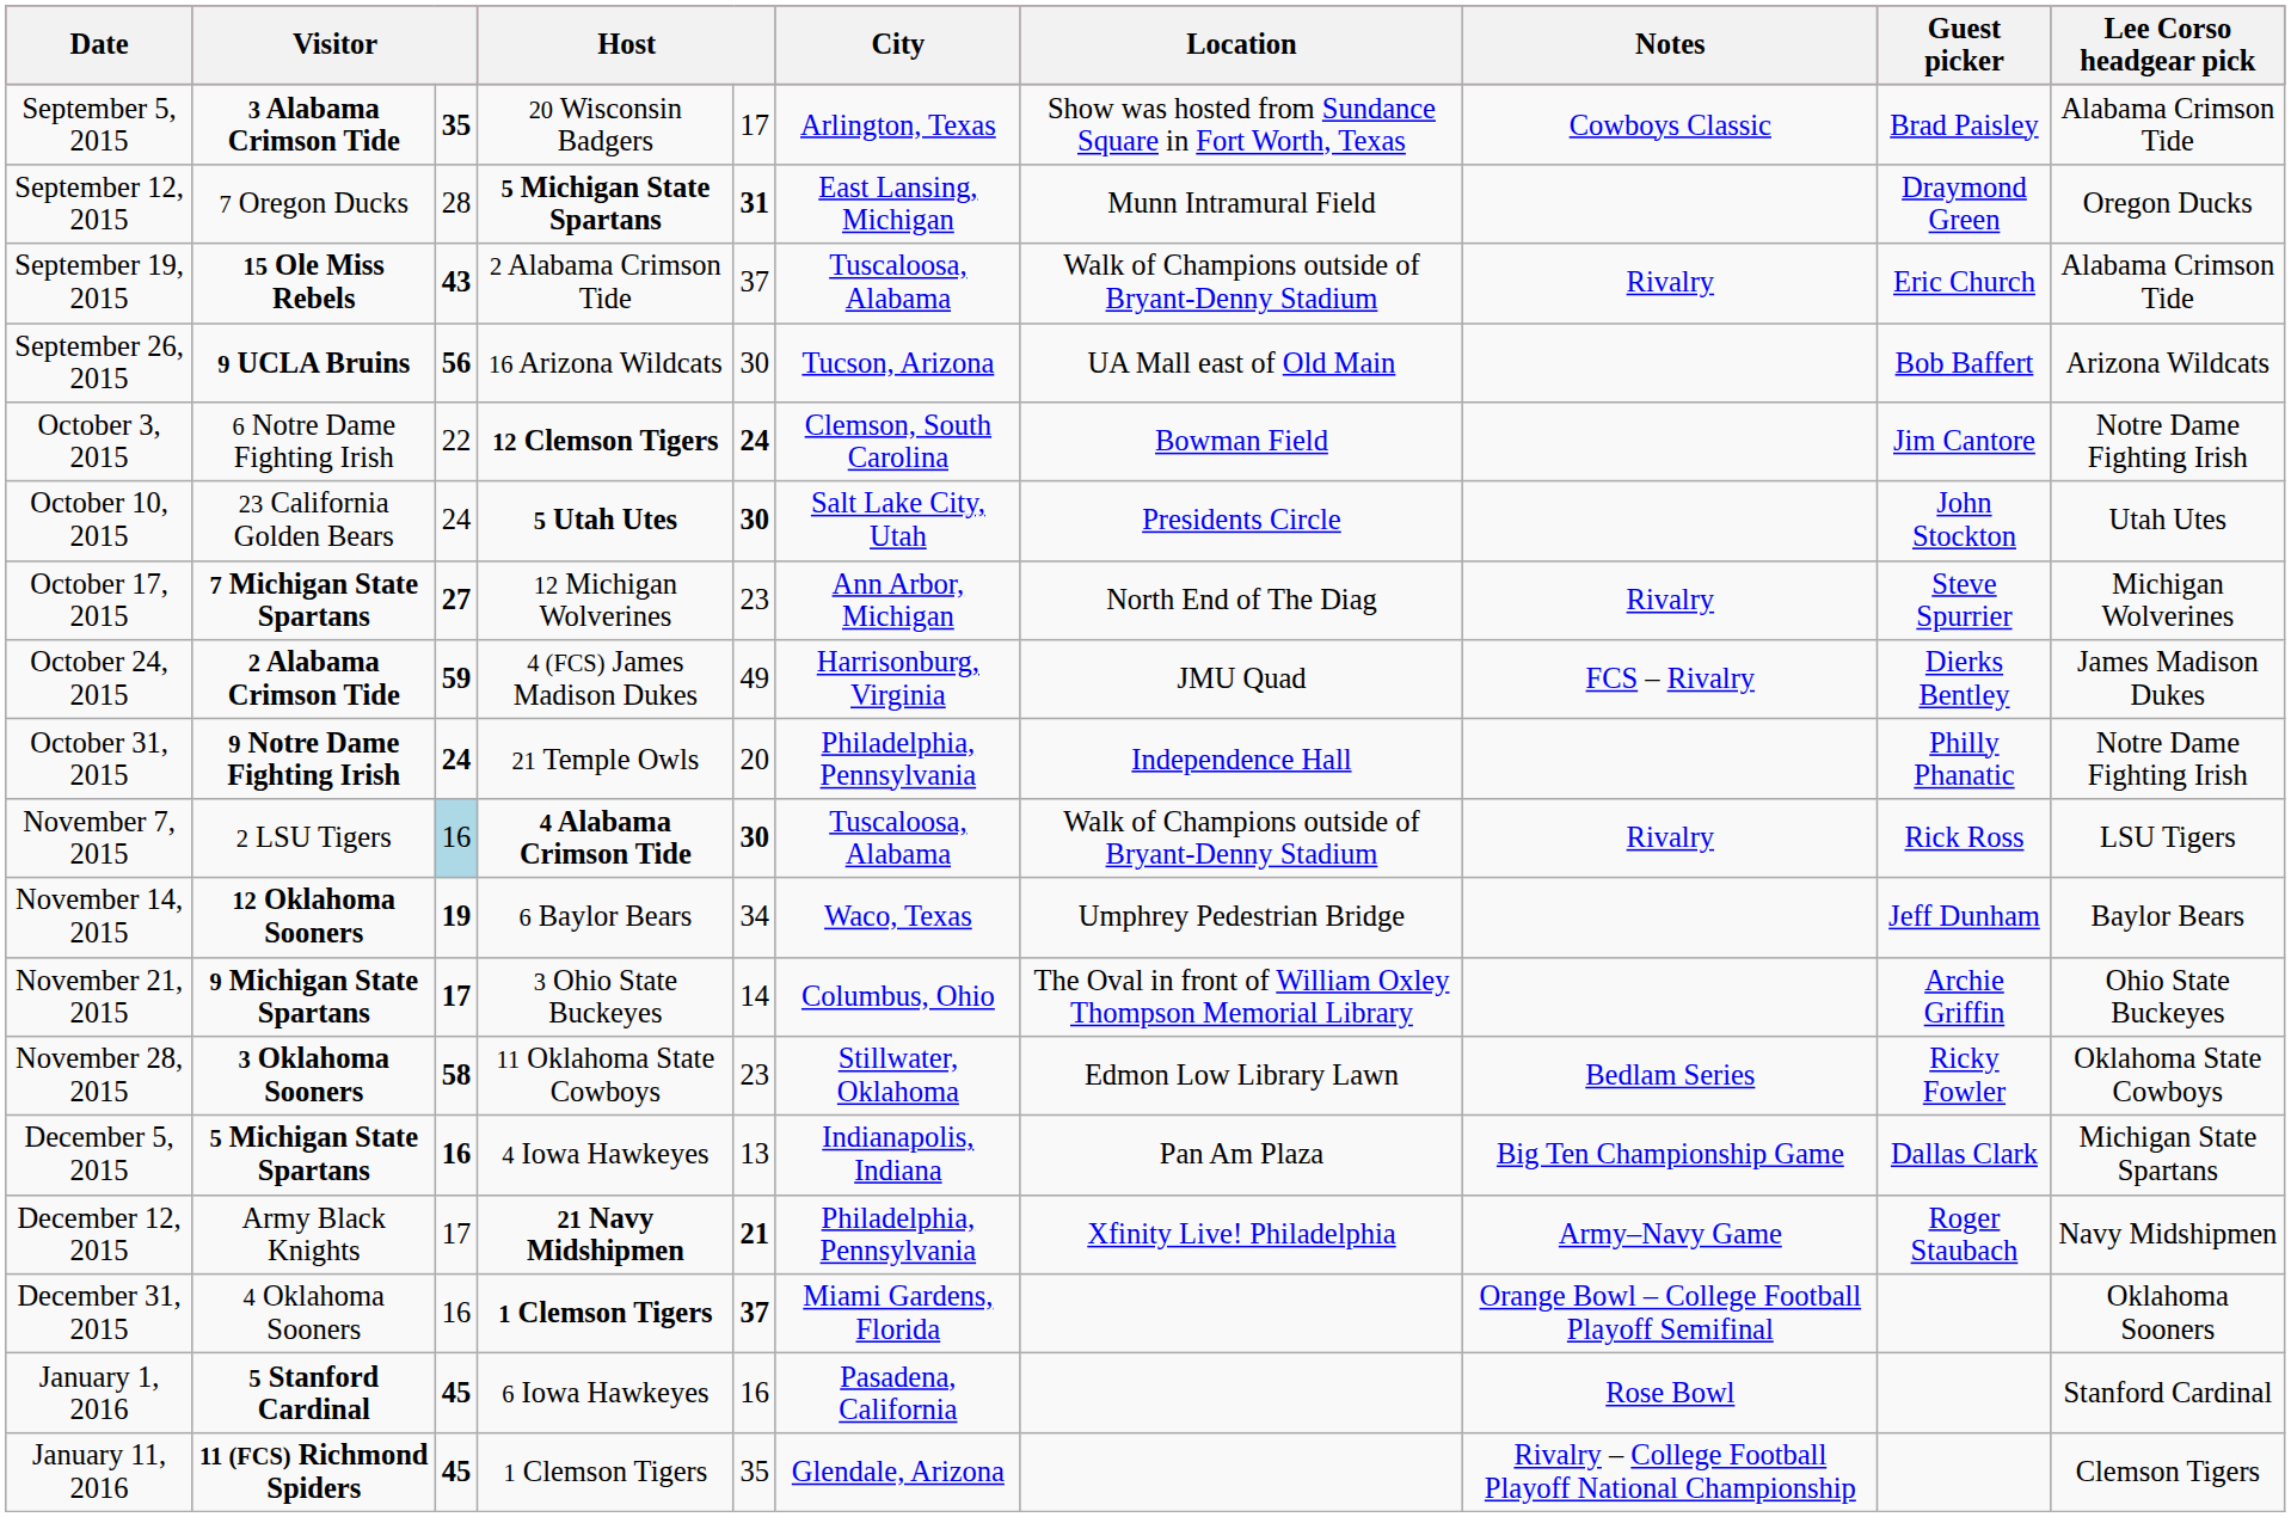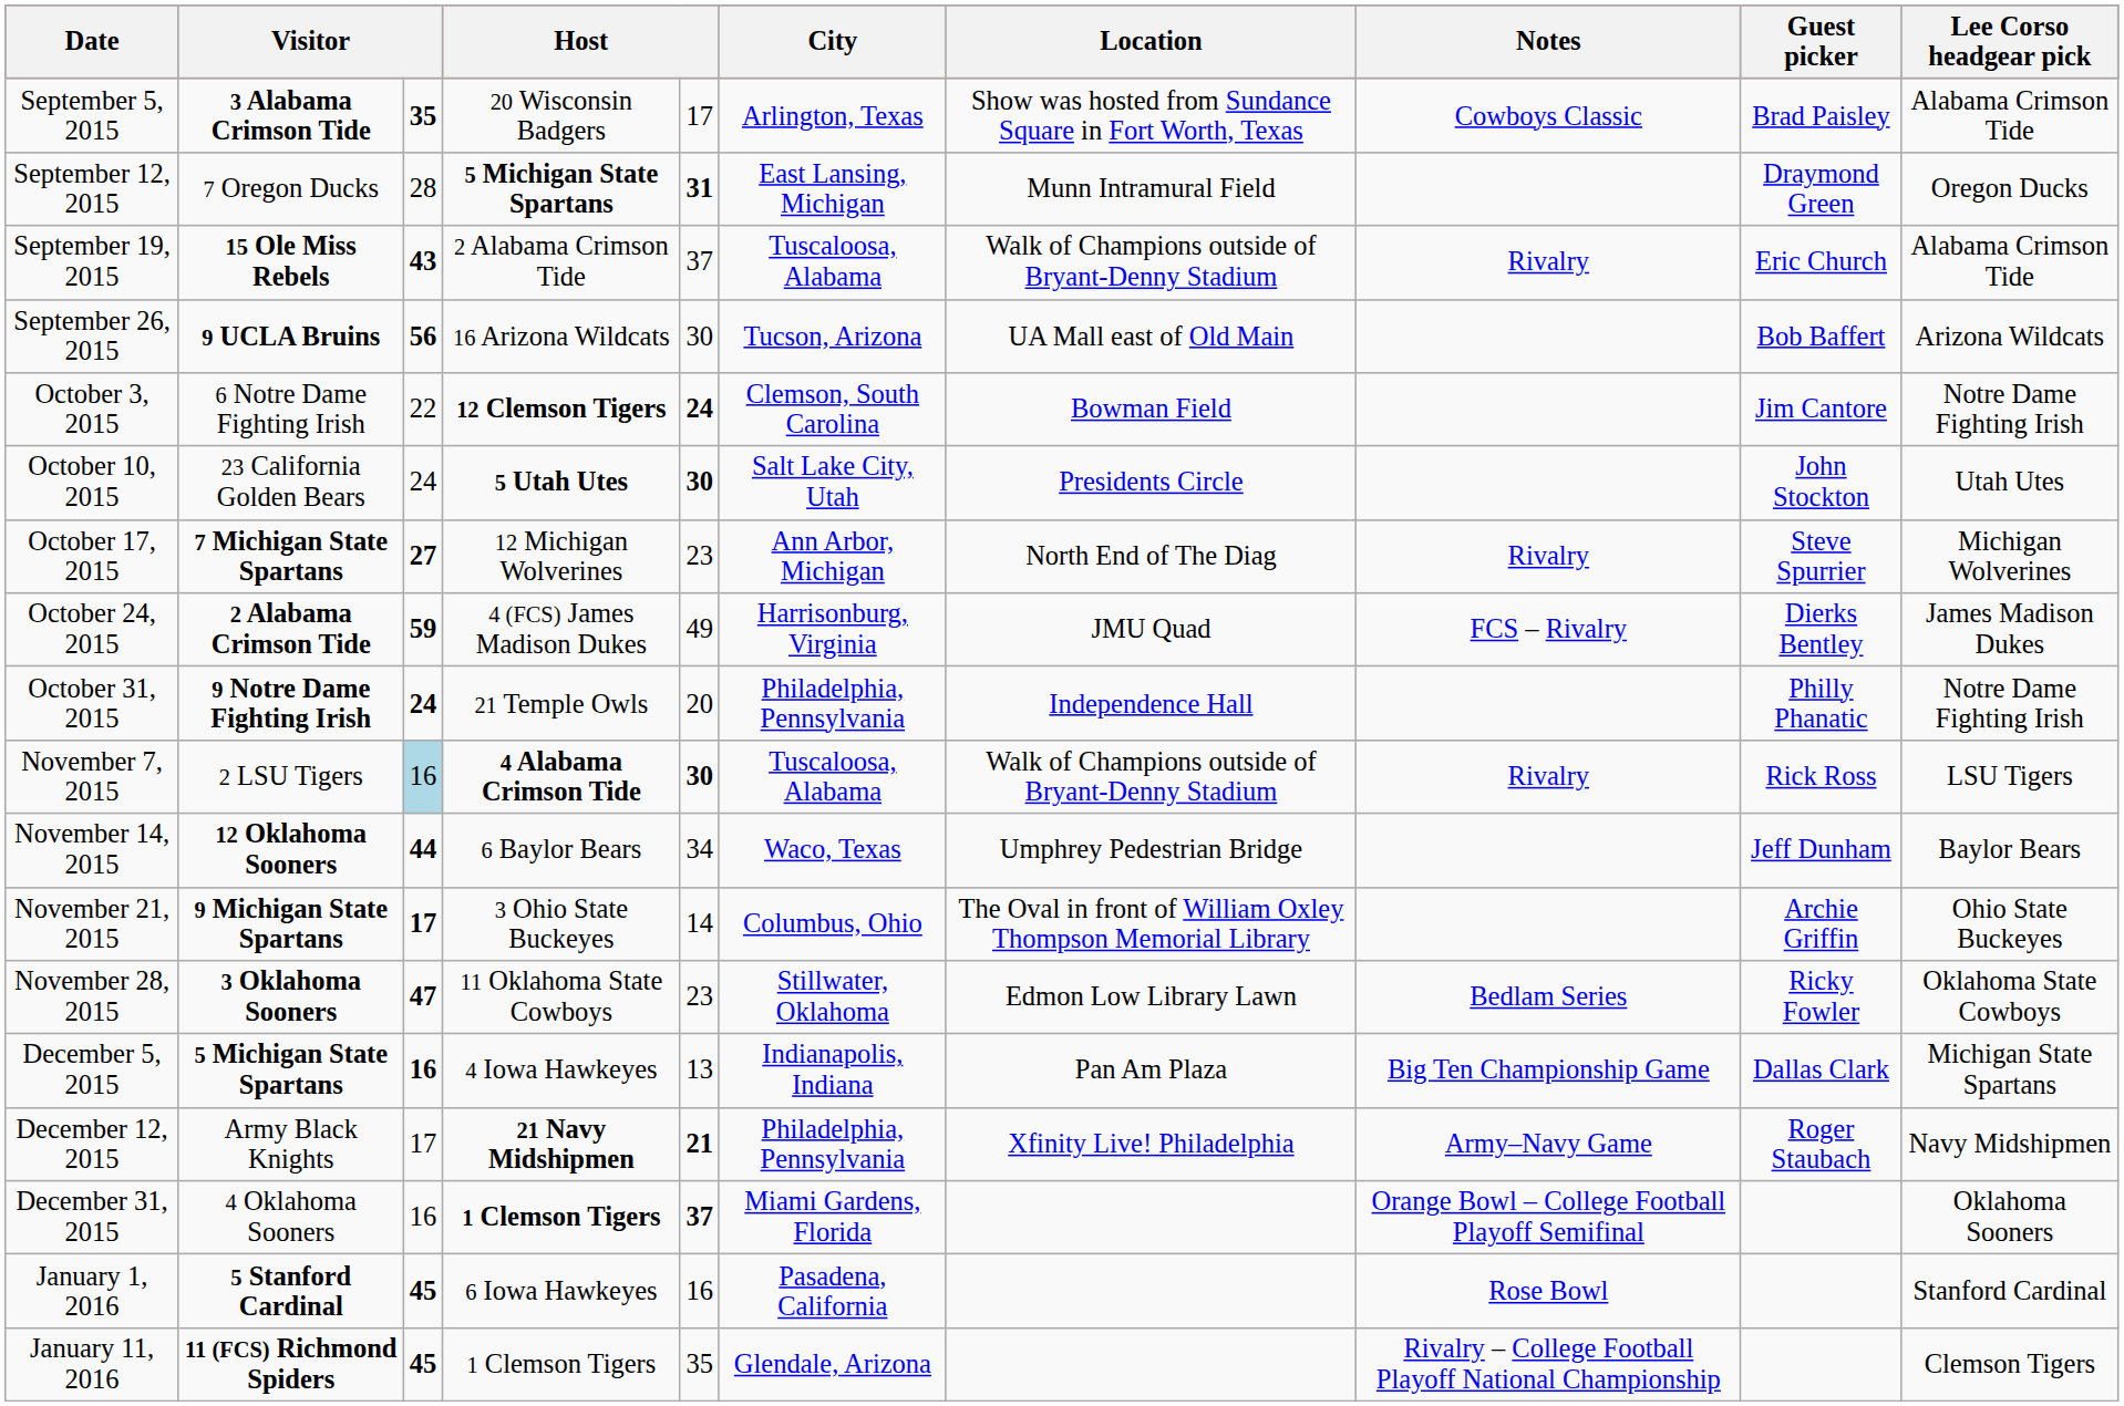 <table class="wikitable" style="text-align:center">
 <tr style="background:#A32638;"|>
 <th>Date</th>
 <th colspan=2>Visitor</th>
 <th colspan=2>Host</th>
 <th>City</th>
 <th>Location</th>
 <th>Notes</th>
 <th>Guest picker</th>
 <th>Lee Corso headgear pick</th>
 </tr>
 <tr>
 <td>September 5, 2015</td>
 <td><strong><small>3</small> Alabama Crimson Tide</strong></td>
 <td><strong>35</strong></td>
 <td><small>20</small> Wisconsin Badgers</td>
 <td>17</td>
 <td><a href='#'>Arlington, Texas</a></td>
 <td>Show was hosted from <a href='#'>Sundance Square</a> in <a href='#'>Fort Worth, Texas</a></td>
 <td><a href='#'>Cowboys Classic</a></td>
 <td><a href='#'>Brad Paisley</a></td>
 <td>Alabama Crimson Tide</td>
 </tr>
 <tr>
 <td>September 12, 2015</td>
 <td><small>7</small> Oregon Ducks</td>
 <td>28</td>
 <td><strong><small>5</small> Michigan State Spartans</strong></td>
 <td><strong>31</strong></td>
 <td><a href='#'>East Lansing, Michigan</a></td>
 <td>Munn Intramural Field</td>
 <td></td>
 <td><a href='#'>Draymond Green</a></td>
 <td>Oregon Ducks</td>
 </tr>
 <tr>
 <td>September 19, 2015</td>
 <td><strong><small>15</small> Ole Miss Rebels</strong></td>
 <td><strong>43</strong></td>
 <td><small>2</small> Alabama Crimson Tide</td>
 <td>37</td>
 <td><a href='#'>Tuscaloosa, Alabama</a></td>
 <td>Walk of Champions outside of <a href='#'>Bryant-Denny Stadium</a></td>
 <td><a href='#'>Rivalry</a></td>
 <td><a href='#'>Eric Church</a></td>
 <td>Alabama Crimson Tide</td>
 </tr>
 <tr>
 <td>September 26, 2015</td>
 <td><strong><small>9</small> UCLA Bruins</strong></td>
 <td><strong>56</strong></td>
 <td><small>16</small> Arizona Wildcats</td>
 <td>30</td>
 <td><a href='#'>Tucson, Arizona</a></td>
 <td>UA Mall east of <a href='#'>Old Main</a></td>
 <td></td>
 <td><a href='#'>Bob Baffert</a></td>
 <td>Arizona Wildcats</td>
 </tr>
 <tr>
 <td>October 3, 2015</td>
 <td><small>6</small> Notre Dame Fighting Irish</td>
 <td>22</td>
 <td><strong><small>12</small> Clemson Tigers</strong></td>
 <td><strong>24</strong></td>
 <td><a href='#'>Clemson, South Carolina</a></td>
 <td><a href='#'>Bowman Field</a></td>
 <td></td>
 <td><a href='#'>Jim Cantore</a></td>
 <td>Notre Dame Fighting Irish</td>
 </tr>
 <tr>
 <td>October 10, 2015</td>
 <td><small>23</small> California Golden Bears</td>
 <td>24</td>
 <td><strong><small>5</small> Utah Utes</strong></td>
 <td><strong>30</strong></td>
 <td><a href='#'>Salt Lake City, Utah</a></td>
 <td><a href='#'>Presidents Circle</a></td>
 <td></td>
 <td><a href='#'>John Stockton</a></td>
 <td>Utah Utes</td>
 </tr>
 <tr>
 <td>October 17, 2015</td>
 <td><strong><small>7</small> Michigan State Spartans</strong></td>
 <td><strong>27</strong></td>
 <td><small>12</small> Michigan Wolverines</td>
 <td>23</td>
 <td><a href='#'>Ann Arbor, Michigan</a></td>
 <td>North End of The Diag</td>
 <td><a href='#'>Rivalry</a></td>
 <td><a href='#'>Steve Spurrier</a></td>
 <td>Michigan Wolverines</td>
 </tr>
 <tr>
 <td>October 24, 2015</td>
 <td><strong><small>2</small> Alabama Crimson Tide</strong></td>
 <td><strong>59</strong></td>
 <td><small>4 (FCS)</small> James Madison Dukes</td>
 <td>49</td>
 <td><a href='#'>Harrisonburg, Virginia</a></td>
 <td>JMU Quad</td>
 <td><a href='#'>FCS</a> – <a href='#'>Rivalry</a></td>
 <td><a href='#'>Dierks Bentley</a></td>
 <td>James Madison Dukes</td>
 </tr>
 <tr>
 <td>October 31, 2015</td>
 <td><strong><small>9</small> Notre Dame Fighting Irish</strong></td>
 <td><strong>24</strong></td>
 <td><small>21</small> Temple Owls</td>
 <td>20</td>
 <td><a href='#'>Philadelphia, Pennsylvania</a></td>
 <td><a href='#'>Independence Hall</a></td>
 <td></td>
 <td><a href='#'>Philly Phanatic</a></td>
 <td>Notre Dame Fighting Irish</td>
 </tr>
 <tr>
 <td>November 7, 2015</td>
 <td><small>2</small> LSU Tigers</td>
 <td style="background: lightblue;">16</td>
 <td><strong><small>4</small> Alabama Crimson Tide</strong></td>
 <td><strong>30</strong></td>
 <td><a href='#'>Tuscaloosa, Alabama</a></td>
 <td>Walk of Champions outside of <a href='#'>Bryant-Denny Stadium</a></td>
 <td><a href='#'>Rivalry</a></td>
 <td><a href='#'>Rick Ross</a></td>
 <td>LSU Tigers</td>
 </tr>
 <tr>
 <td>November 14, 2015</td>
 <td><strong><small>12</small> Oklahoma Sooners</strong></td>
-<td><strong>19</strong></td>
+<td><strong>44</strong></td>
 <td><small>6</small> Baylor Bears</td>
 <td>34</td>
 <td><a href='#'>Waco, Texas</a></td>
 <td>Umphrey Pedestrian Bridge</td>
 <td></td>
 <td><a href='#'>Jeff Dunham</a></td>
 <td>Baylor Bears</td>
 </tr>
 <tr>
 <td>November 21, 2015</td>
 <td><strong><small>9</small> Michigan State Spartans</strong></td>
 <td><strong>17</strong></td>
 <td><small>3</small> Ohio State Buckeyes</td>
 <td>14</td>
 <td><a href='#'>Columbus, Ohio</a></td>
 <td>The Oval in front of <a href='#'>William Oxley Thompson Memorial Library</a></td>
 <td></td>
 <td><a href='#'>Archie Griffin</a></td>
 <td>Ohio State Buckeyes</td>
 </tr>
 <tr>
 <td>November 28, 2015</td>
 <td><strong><small>3</small> Oklahoma Sooners</strong></td>
-<td><strong>58</strong></td>
+<td><strong>47</strong></td>
 <td><small>11</small> Oklahoma State Cowboys</td>
 <td>23</td>
 <td><a href='#'>Stillwater, Oklahoma</a></td>
 <td>Edmon Low Library Lawn</td>
 <td><a href='#'>Bedlam Series</a></td>
 <td><a href='#'>Ricky Fowler</a></td>
 <td>Oklahoma State Cowboys</td>
 </tr>
 <tr>
 <td>December 5, 2015</td>
 <td><strong><small>5</small> Michigan State Spartans</strong></td>
 <td><strong>16</strong></td>
 <td><small>4</small> Iowa Hawkeyes</td>
 <td>13</td>
 <td><a href='#'>Indianapolis, Indiana</a></td>
 <td>Pan Am Plaza</td>
 <td><a href='#'>Big Ten Championship Game</a></td>
 <td><a href='#'>Dallas Clark</a></td>
 <td>Michigan State Spartans</td>
 </tr>
 <tr>
 <td>December 12, 2015</td>
 <td>Army Black Knights</td>
 <td>17</td>
 <td><strong><small>21</small> Navy Midshipmen</strong></td>
 <td><strong>21</strong></td>
 <td><a href='#'>Philadelphia, Pennsylvania</a></td>
 <td><a href='#'>Xfinity Live! Philadelphia</a></td>
 <td><a href='#'>Army–Navy Game</a></td>
 <td><a href='#'>Roger Staubach</a></td>
 <td>Navy Midshipmen</td>
 </tr>
 <tr>
 <td>December 31, 2015</td>
 <td><small>4</small> Oklahoma Sooners</td>
 <td>16</td>
 <td><strong><small>1</small> Clemson Tigers</strong></td>
 <td><strong>37</strong></td>
 <td><a href='#'>Miami Gardens, Florida</a></td>
 <td></td>
 <td><a href='#'>Orange Bowl – College Football Playoff Semifinal</a></td>
 <td></td>
 <td>Oklahoma Sooners</td>
 </tr>
 <tr>
 <td>January 1, 2016</td>
 <td><strong><small>5</small> Stanford Cardinal</strong></td>
 <td><strong>45</strong></td>
 <td><small>6</small> Iowa Hawkeyes</td>
 <td>16</td>
 <td><a href='#'>Pasadena, California</a></td>
 <td></td>
 <td><a href='#'>Rose Bowl</a></td>
 <td></td>
 <td>Stanford Cardinal</td>
 </tr>
 <tr>
 <td>January 11, 2016</td>
 <td><strong><small>11 (FCS)</small> Richmond Spiders</strong></td>
 <td><strong>45</strong></td>
 <td><small>1</small> Clemson Tigers</td>
 <td>35</td>
 <td><a href='#'>Glendale, Arizona</a></td>
 <td></td>
 <td><a href='#'>Rivalry</a> – <a href='#'>College Football Playoff National Championship</a></td>
 <td></td>
 <td>Clemson Tigers</td>
 </tr>
 </table>
